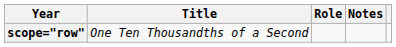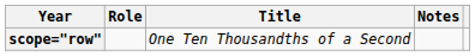 <table class="wikitable sortable plainrowheaders">
 <tr>
 <th scope="col">Year</th>
+<th scope="col">Role</th>
 <th scope="col">Title</th>
-<th scope="col">Role</th>
 <th scope="col">Notes</th>
 <th scope="col" class="unsortable"></th>
 </tr>
 <tr>
 <th>scope="row" </th>
+<td></td>
 <td><em>One Ten Thousandths of a Second</em></td>
-<td></td>
 <td></td>
 <td></td>
 </tr>
 </table>
